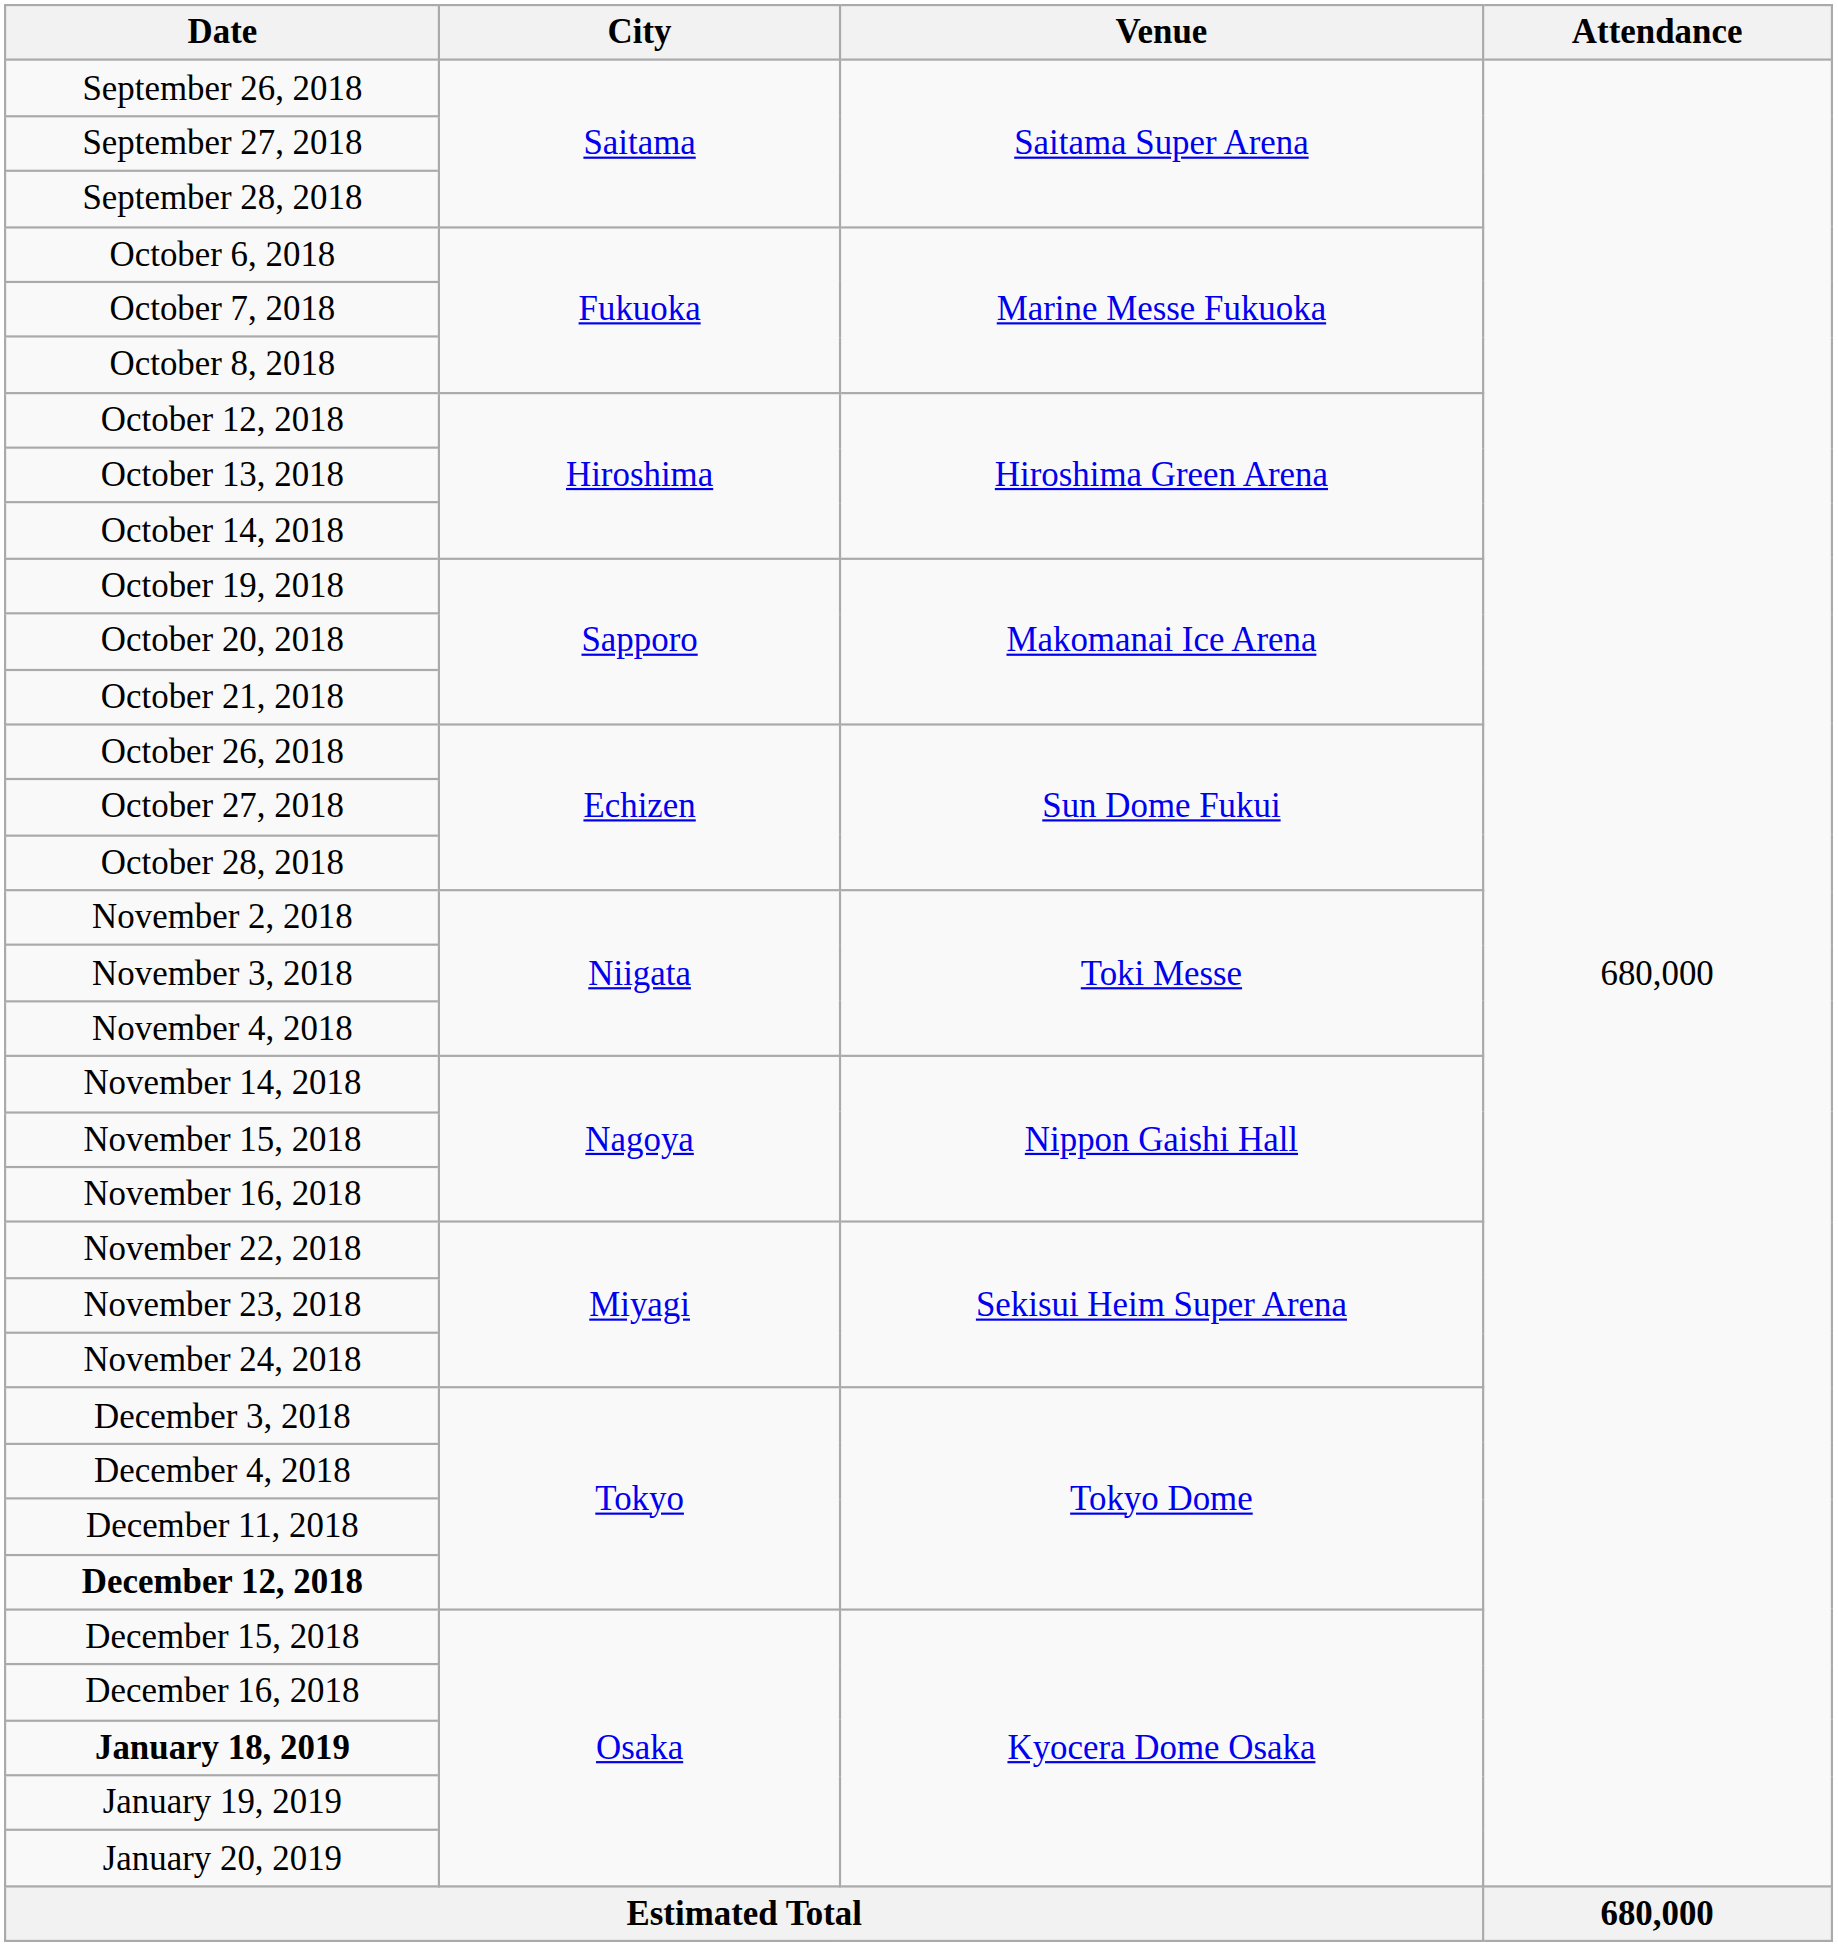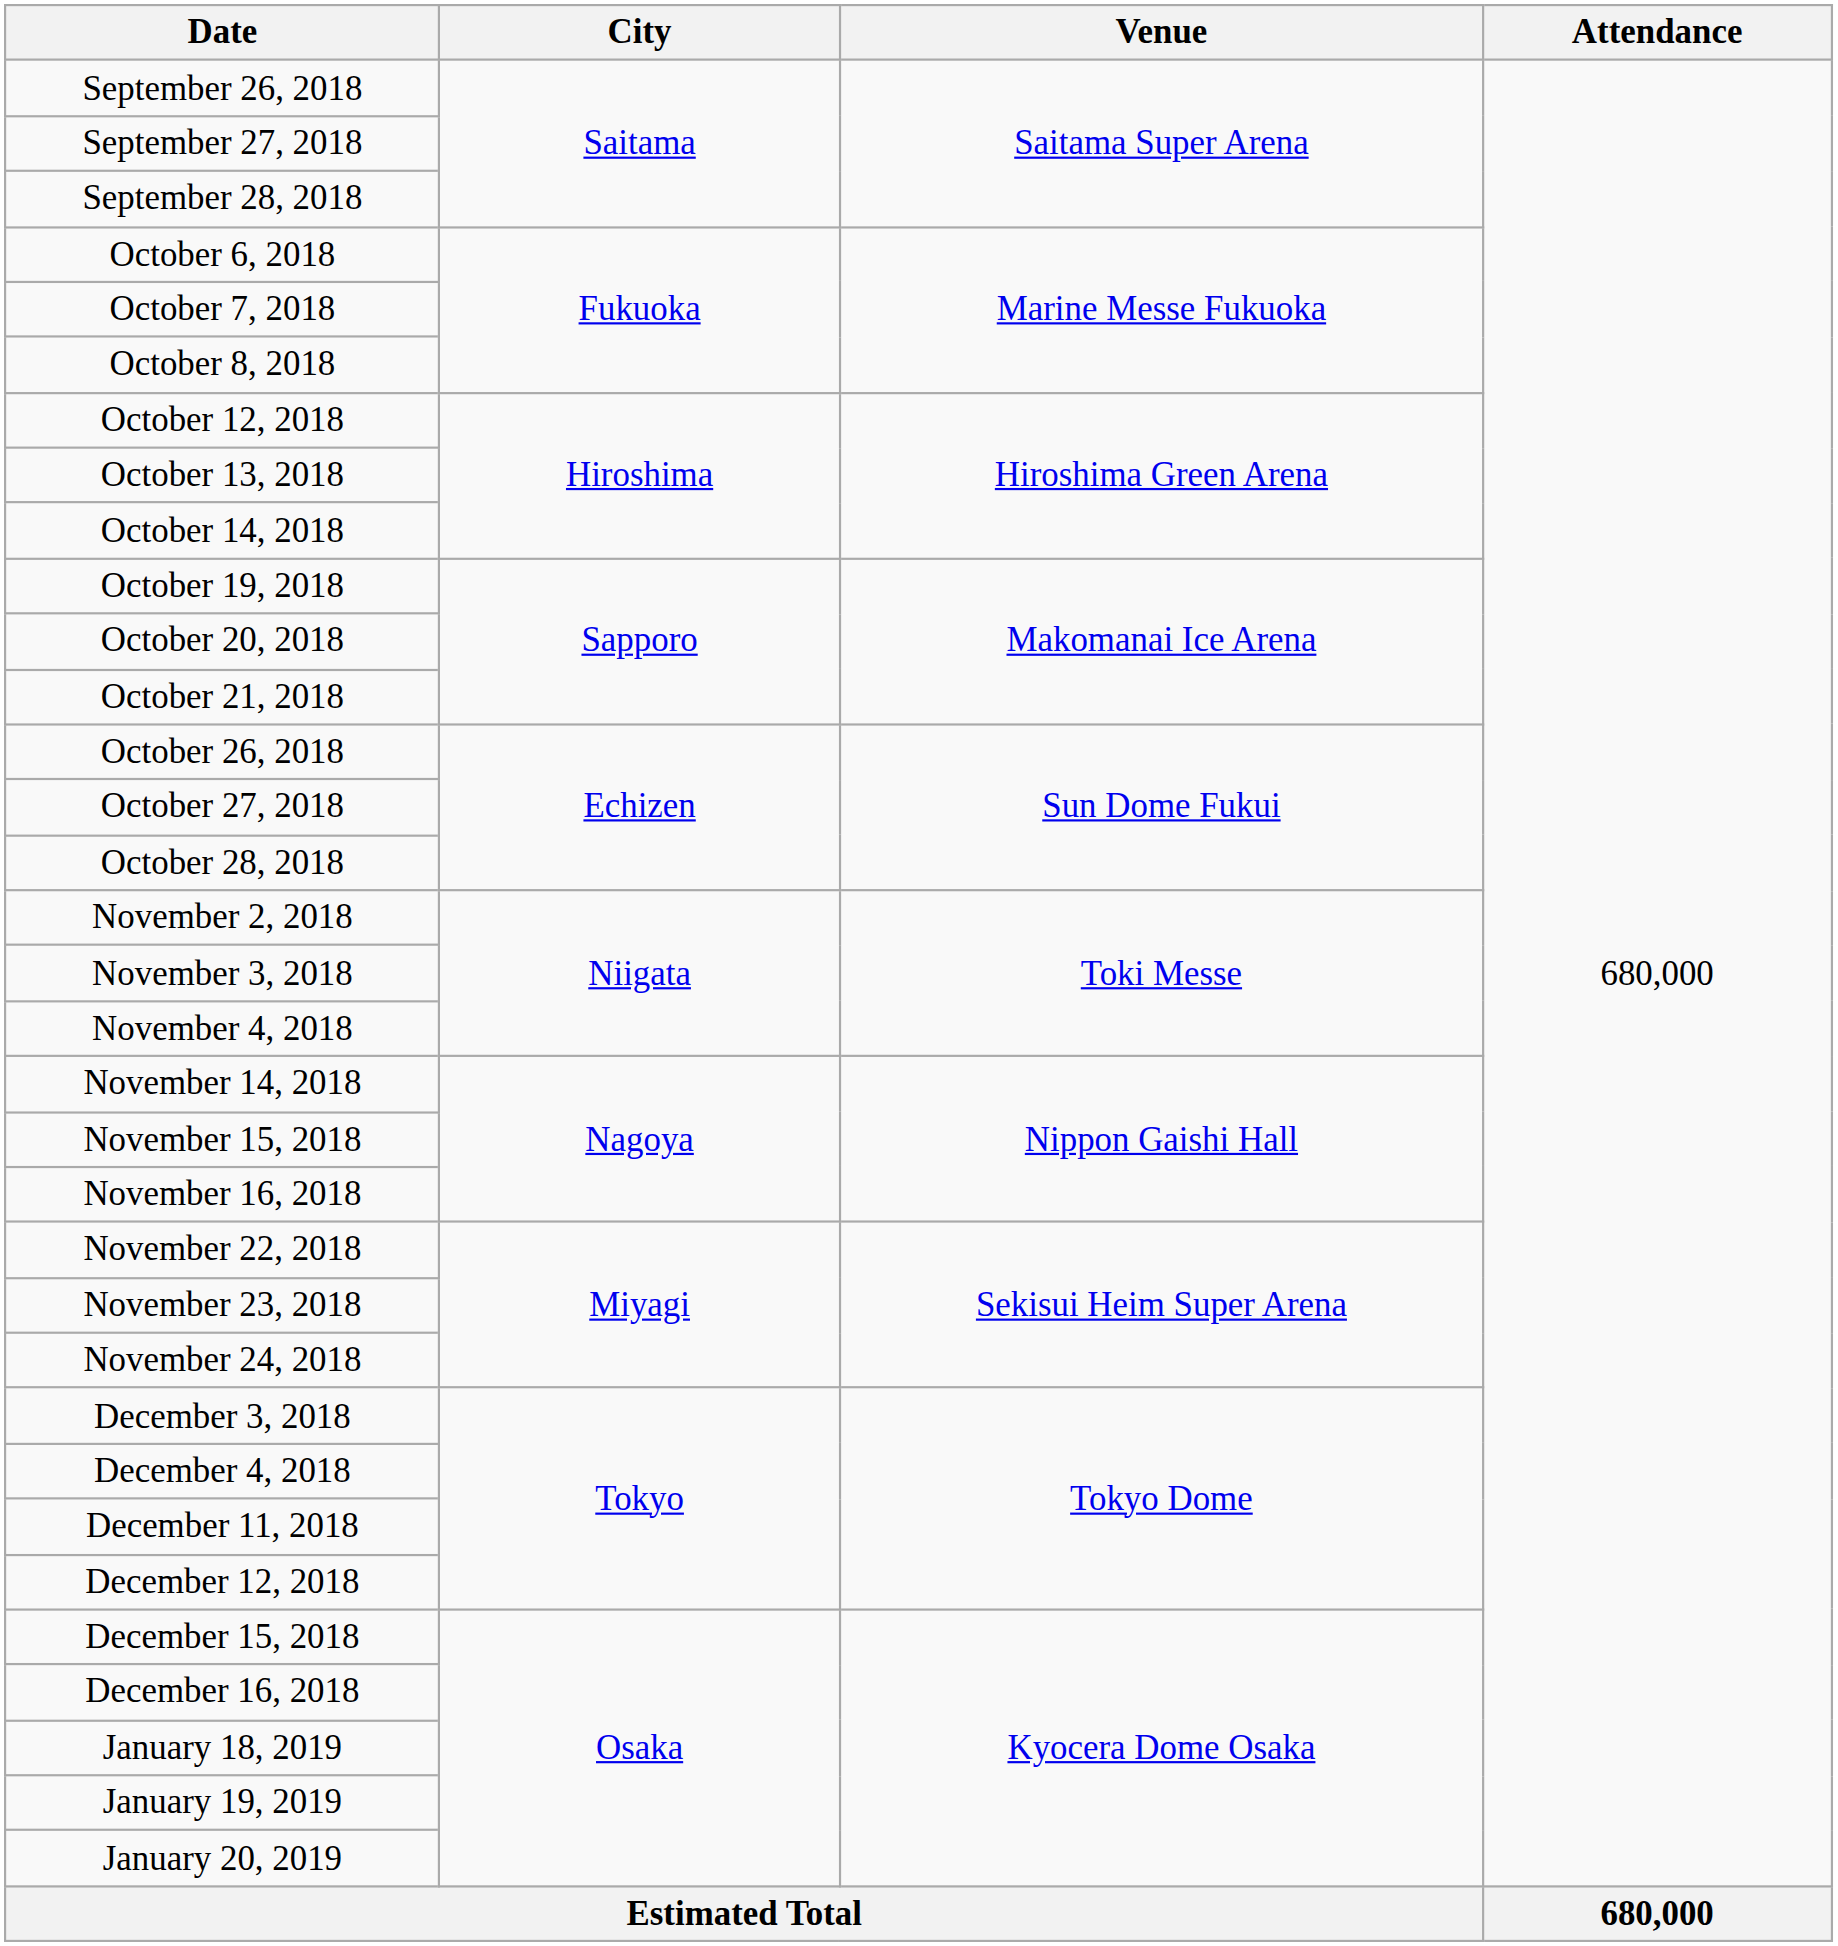 <table class="wikitable" style="text-align:center;">
 <tr>
 <th scope="col" style="width:12em;">Date</th>
 <th scope="col" style="width:11em;">City</th>
 <th scope="col" style="width:18em;">Venue</th>
 <th scope="col" style="width:9.5em;">Attendance</th>
 </tr>
 <tr>
 <td>September 26, 2018</td>
 <td rowspan=3><a href='#'>Saitama</a></td>
 <td rowspan=3><a href='#'>Saitama Super Arena</a></td>
 <td rowspan="33">680,000</td>
 </tr>
 <tr>
 <td>September 27, 2018</td>
 </tr>
 <tr>
 <td>September 28, 2018</td>
 </tr>
 <tr>
 <td>October 6, 2018</td>
 <td rowspan=3><a href='#'>Fukuoka</a></td>
 <td rowspan=3><a href='#'>Marine Messe Fukuoka</a></td>
 </tr>
 <tr>
 <td>October 7, 2018</td>
 </tr>
 <tr>
 <td>October 8, 2018</td>
 </tr>
 <tr>
 <td>October 12, 2018</td>
 <td rowspan=3><a href='#'>Hiroshima</a></td>
 <td rowspan=3><a href='#'>Hiroshima Green Arena</a></td>
 </tr>
 <tr>
 <td>October 13, 2018</td>
 </tr>
 <tr>
 <td>October 14, 2018</td>
 </tr>
 <tr>
 <td>October 19, 2018</td>
 <td rowspan=3><a href='#'>Sapporo</a></td>
 <td rowspan=3><a href='#'>Makomanai Ice Arena</a></td>
 </tr>
 <tr>
 <td>October 20, 2018</td>
 </tr>
 <tr>
 <td>October 21, 2018</td>
 </tr>
 <tr>
 <td>October 26, 2018</td>
 <td rowspan=3><a href='#'>Echizen</a></td>
 <td rowspan=3><a href='#'>Sun Dome Fukui</a></td>
 </tr>
 <tr>
 <td>October 27, 2018</td>
 </tr>
 <tr>
 <td>October 28, 2018</td>
 </tr>
 <tr>
 <td>November 2, 2018</td>
 <td rowspan=3><a href='#'>Niigata</a></td>
 <td rowspan=3><a href='#'>Toki Messe</a></td>
 </tr>
 <tr>
 <td>November 3, 2018</td>
 </tr>
 <tr>
 <td>November 4, 2018</td>
 </tr>
 <tr>
 <td>November 14, 2018</td>
 <td rowspan=3><a href='#'>Nagoya</a></td>
 <td rowspan=3><a href='#'>Nippon Gaishi Hall</a></td>
 </tr>
 <tr>
 <td>November 15, 2018</td>
 </tr>
 <tr>
 <td>November 16, 2018</td>
 </tr>
 <tr>
 <td>November 22, 2018</td>
 <td rowspan=3><a href='#'>Miyagi</a></td>
 <td rowspan=3><a href='#'>Sekisui Heim Super Arena</a></td>
 </tr>
 <tr>
 <td>November 23, 2018</td>
 </tr>
 <tr>
 <td>November 24, 2018</td>
 </tr>
 <tr>
 <td>December 3, 2018</td>
 <td rowspan=4><a href='#'>Tokyo</a></td>
 <td rowspan=4><a href='#'>Tokyo Dome</a></td>
 </tr>
 <tr>
 <td>December 4, 2018</td>
 </tr>
 <tr>
 <td>December 11, 2018</td>
 </tr>
 <tr>
-<td><strong>December 12, 2018</strong></td>
+<td>December 12, 2018</td>
 </tr>
 <tr>
 <td>December 15, 2018</td>
 <td rowspan=5><a href='#'>Osaka</a></td>
 <td rowspan=5><a href='#'>Kyocera Dome Osaka</a></td>
 </tr>
 <tr>
 <td>December 16, 2018</td>
 </tr>
 <tr>
-<td><strong>January 18, 2019</strong></td>
+<td>January 18, 2019</td>
 </tr>
 <tr>
 <td>January 19, 2019</td>
 </tr>
 <tr>
 <td>January 20, 2019</td>
 </tr>
 <tr>
 <th colspan="3"><strong>Estimated Total</strong></th>
 <th><strong>680,000</strong></th>
 </tr>
 </table>
